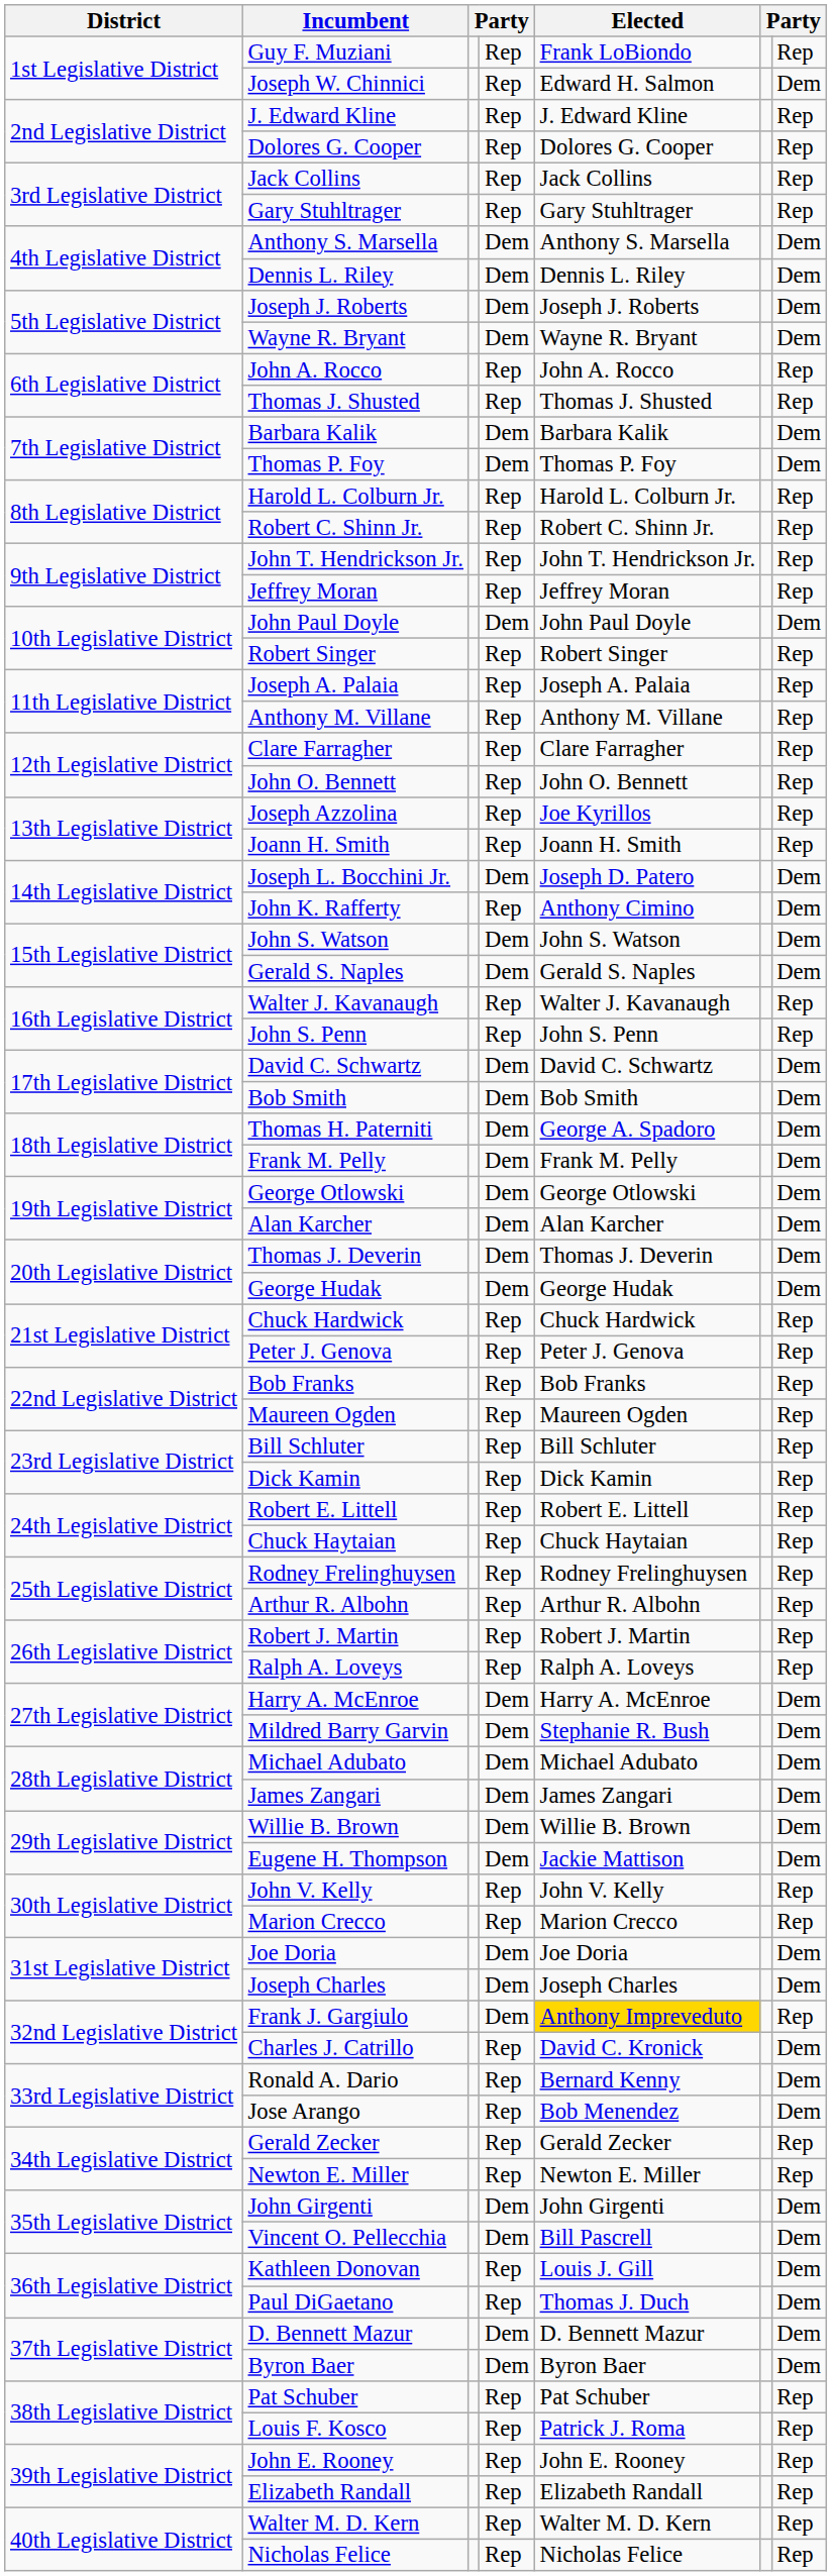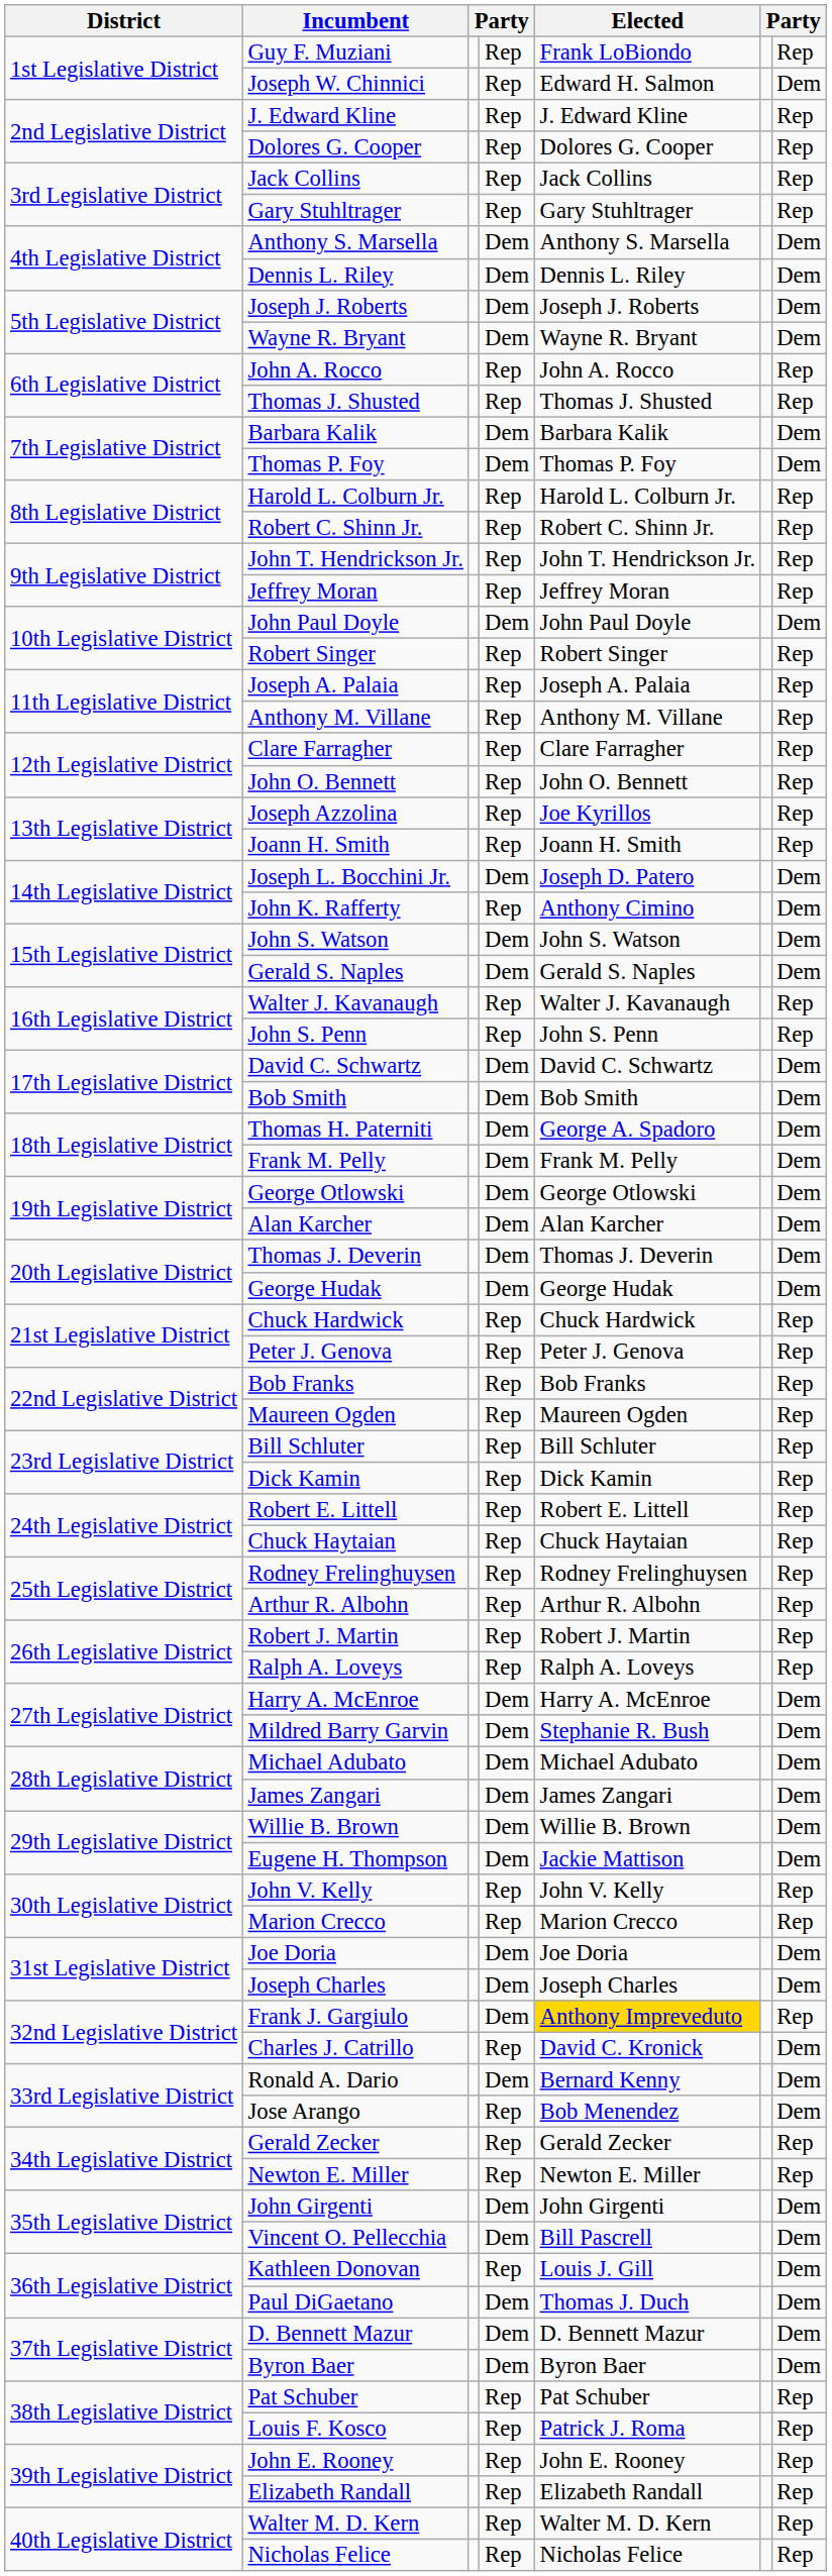 <table class="sortable wikitable" style="font-size:95%;line-height:14px;">
 <tr>
 <th>District</th>
 <th class="unsortable"><a href='#'>Incumbent</a></th>
 <th colspan="2">Party</th>
 <th class="unsortable">Elected</th>
 <th colspan="2">Party</th>
 </tr>
 <tr>
 <td rowspan="2"><a href='#'>1st Legislative District</a></td>
 <td><a href='#'>Guy F. Muziani</a></td>
 <td style="background:"></td>
 <td>Rep</td>
 <td><a href='#'>Frank LoBiondo</a></td>
 <td style="background:"></td>
 <td>Rep</td>
 </tr>
 <tr>
 <td><a href='#'>Joseph W. Chinnici</a></td>
 <td style="background:"></td>
 <td>Rep</td>
 <td>Edward H. Salmon</td>
 <td style="background:"></td>
 <td>Dem</td>
 </tr>
 <tr>
 <td rowspan="2"><a href='#'>2nd Legislative District</a></td>
 <td><a href='#'>J. Edward Kline</a></td>
 <td style="background:"></td>
 <td>Rep</td>
 <td>J. Edward Kline</td>
 <td style="background:"></td>
 <td>Rep</td>
 </tr>
 <tr>
 <td><a href='#'>Dolores G. Cooper</a></td>
 <td style="background:"></td>
 <td>Rep</td>
 <td>Dolores G. Cooper</td>
 <td style="background:"></td>
 <td>Rep</td>
 </tr>
 <tr>
 <td rowspan="2"><a href='#'>3rd Legislative District</a></td>
 <td><a href='#'>Jack Collins</a></td>
 <td style="background:"></td>
 <td>Rep</td>
 <td>Jack Collins</td>
 <td style="background:"></td>
 <td>Rep</td>
 </tr>
 <tr>
 <td><a href='#'>Gary Stuhltrager</a></td>
 <td style="background:"></td>
 <td>Rep</td>
 <td>Gary Stuhltrager</td>
 <td style="background:"></td>
 <td>Rep</td>
 </tr>
 <tr>
 <td rowspan="2"><a href='#'>4th Legislative District</a></td>
 <td><a href='#'>Anthony S. Marsella</a></td>
 <td style="background:"></td>
 <td>Dem</td>
 <td>Anthony S. Marsella</td>
 <td style="background:"></td>
 <td>Dem</td>
 </tr>
 <tr>
 <td><a href='#'>Dennis L. Riley</a></td>
 <td style="background:"></td>
 <td>Dem</td>
 <td>Dennis L. Riley</td>
 <td style="background:"></td>
 <td>Dem</td>
 </tr>
 <tr>
 <td rowspan="2"><a href='#'>5th Legislative District</a></td>
 <td><a href='#'>Joseph J. Roberts</a></td>
 <td style="background:"></td>
 <td>Dem</td>
 <td>Joseph J. Roberts</td>
 <td style="background:"></td>
 <td>Dem</td>
 </tr>
 <tr>
 <td><a href='#'>Wayne R. Bryant</a></td>
 <td style="background:"></td>
 <td>Dem</td>
 <td>Wayne R. Bryant</td>
 <td style="background:"></td>
 <td>Dem</td>
 </tr>
 <tr>
 <td rowspan="2"><a href='#'>6th Legislative District</a></td>
 <td><a href='#'>John A. Rocco</a></td>
 <td style="background:"></td>
 <td>Rep</td>
 <td>John A. Rocco</td>
 <td style="background:"></td>
 <td>Rep</td>
 </tr>
 <tr>
 <td><a href='#'>Thomas J. Shusted</a></td>
 <td style="background:"></td>
 <td>Rep</td>
 <td>Thomas J. Shusted</td>
 <td style="background:"></td>
 <td>Rep</td>
 </tr>
 <tr>
 <td rowspan="2"><a href='#'>7th Legislative District</a></td>
 <td><a href='#'>Barbara Kalik</a></td>
 <td style="background:"></td>
 <td>Dem</td>
 <td>Barbara Kalik</td>
 <td style="background:"></td>
 <td>Dem</td>
 </tr>
 <tr>
 <td><a href='#'>Thomas P. Foy</a></td>
 <td style="background:"></td>
 <td>Dem</td>
 <td>Thomas P. Foy</td>
 <td style="background:"></td>
 <td>Dem</td>
 </tr>
 <tr>
 <td rowspan="2"><a href='#'>8th Legislative District</a></td>
 <td><a href='#'>Harold L. Colburn Jr.</a></td>
 <td style="background:"></td>
 <td>Rep</td>
 <td>Harold L. Colburn Jr.</td>
 <td style="background:"></td>
 <td>Rep</td>
 </tr>
 <tr>
 <td><a href='#'>Robert C. Shinn Jr.</a></td>
 <td style="background:"></td>
 <td>Rep</td>
 <td>Robert C. Shinn Jr.</td>
 <td style="background:"></td>
 <td>Rep</td>
 </tr>
 <tr>
 <td rowspan="2"><a href='#'>9th Legislative District</a></td>
 <td><a href='#'>John T. Hendrickson Jr.</a></td>
 <td style="background:"></td>
 <td>Rep</td>
 <td>John T. Hendrickson Jr.</td>
 <td style="background:"></td>
 <td>Rep</td>
 </tr>
 <tr>
 <td><a href='#'>Jeffrey Moran</a></td>
 <td style="background:"></td>
 <td>Rep</td>
 <td>Jeffrey Moran</td>
 <td style="background:"></td>
 <td>Rep</td>
 </tr>
 <tr>
 <td rowspan="2"><a href='#'>10th Legislative District</a></td>
 <td><a href='#'>John Paul Doyle</a></td>
 <td style="background:"></td>
 <td>Dem</td>
 <td>John Paul Doyle</td>
 <td style="background:"></td>
 <td>Dem</td>
 </tr>
 <tr>
 <td><a href='#'>Robert Singer</a></td>
 <td style="background:"></td>
 <td>Rep</td>
 <td>Robert Singer</td>
 <td style="background:"></td>
 <td>Rep</td>
 </tr>
 <tr>
 <td rowspan="2"><a href='#'>11th Legislative District</a></td>
 <td><a href='#'>Joseph A. Palaia</a></td>
 <td style="background:"></td>
 <td>Rep</td>
 <td>Joseph A. Palaia</td>
 <td style="background:"></td>
 <td>Rep</td>
 </tr>
 <tr>
 <td><a href='#'>Anthony M. Villane</a></td>
 <td style="background:"></td>
 <td>Rep</td>
 <td>Anthony M. Villane</td>
 <td style="background:"></td>
 <td>Rep</td>
 </tr>
 <tr>
 <td rowspan="2"><a href='#'>12th Legislative District</a></td>
 <td><a href='#'>Clare Farragher</a></td>
 <td style="background:"></td>
 <td>Rep</td>
 <td>Clare Farragher</td>
 <td style="background:"></td>
 <td>Rep</td>
 </tr>
 <tr>
 <td><a href='#'>John O. Bennett</a></td>
 <td style="background:"></td>
 <td>Rep</td>
 <td>John O. Bennett</td>
 <td style="background:"></td>
 <td>Rep</td>
 </tr>
 <tr>
 <td rowspan="2"><a href='#'>13th Legislative District</a></td>
 <td><a href='#'>Joseph Azzolina</a></td>
 <td style="background:"></td>
 <td>Rep</td>
 <td><a href='#'>Joe Kyrillos</a></td>
 <td style="background:"></td>
 <td>Rep</td>
 </tr>
 <tr>
 <td><a href='#'>Joann H. Smith</a></td>
 <td style="background:"></td>
 <td>Rep</td>
 <td>Joann H. Smith</td>
 <td style="background:"></td>
 <td>Rep</td>
 </tr>
 <tr>
 <td rowspan="2"><a href='#'>14th Legislative District</a></td>
 <td><a href='#'>Joseph L. Bocchini Jr.</a></td>
 <td style="background:"></td>
 <td>Dem</td>
 <td><a href='#'>Joseph D. Patero</a></td>
 <td style="background:"></td>
 <td>Dem</td>
 </tr>
 <tr>
 <td><a href='#'>John K. Rafferty</a></td>
 <td style="background:"></td>
 <td>Rep</td>
 <td><a href='#'>Anthony Cimino</a></td>
 <td style="background:"></td>
 <td>Dem</td>
 </tr>
 <tr>
 <td rowspan="2"><a href='#'>15th Legislative District</a></td>
 <td><a href='#'>John S. Watson</a></td>
 <td style="background:"></td>
 <td>Dem</td>
 <td>John S. Watson</td>
 <td style="background:"></td>
 <td>Dem</td>
 </tr>
 <tr>
 <td><a href='#'>Gerald S. Naples</a></td>
 <td style="background:"></td>
 <td>Dem</td>
 <td>Gerald S. Naples</td>
 <td style="background:"></td>
 <td>Dem</td>
 </tr>
 <tr>
 <td rowspan="2"><a href='#'>16th Legislative District</a></td>
 <td><a href='#'>Walter J. Kavanaugh</a></td>
 <td style="background:"></td>
 <td>Rep</td>
 <td>Walter J. Kavanaugh</td>
 <td style="background:"></td>
 <td>Rep</td>
 </tr>
 <tr>
 <td><a href='#'>John S. Penn</a></td>
 <td style="background:"></td>
 <td>Rep</td>
 <td>John S. Penn</td>
 <td style="background:"></td>
 <td>Rep</td>
 </tr>
 <tr>
 <td rowspan="2"><a href='#'>17th Legislative District</a></td>
 <td><a href='#'>David C. Schwartz</a></td>
 <td style="background:"></td>
 <td>Dem</td>
 <td>David C. Schwartz</td>
 <td style="background:"></td>
 <td>Dem</td>
 </tr>
 <tr>
 <td><a href='#'>Bob Smith</a></td>
 <td style="background:"></td>
 <td>Dem</td>
 <td>Bob Smith</td>
 <td style="background:"></td>
 <td>Dem</td>
 </tr>
 <tr>
 <td rowspan="2"><a href='#'>18th Legislative District</a></td>
 <td><a href='#'>Thomas H. Paterniti</a></td>
 <td style="background:"></td>
 <td>Dem</td>
 <td><a href='#'>George A. Spadoro</a></td>
 <td style="background:"></td>
 <td>Dem</td>
 </tr>
 <tr>
 <td><a href='#'>Frank M. Pelly</a></td>
 <td style="background:"></td>
 <td>Dem</td>
 <td>Frank M. Pelly</td>
 <td style="background:"></td>
 <td>Dem</td>
 </tr>
 <tr>
 <td rowspan="2"><a href='#'>19th Legislative District</a></td>
 <td><a href='#'>George Otlowski</a></td>
 <td style="background:"></td>
 <td>Dem</td>
 <td>George Otlowski</td>
 <td style="background:"></td>
 <td>Dem</td>
 </tr>
 <tr>
 <td><a href='#'>Alan Karcher</a></td>
 <td style="background:"></td>
 <td>Dem</td>
 <td>Alan Karcher</td>
 <td style="background:"></td>
 <td>Dem</td>
 </tr>
 <tr>
 <td rowspan="2"><a href='#'>20th Legislative District</a></td>
 <td><a href='#'>Thomas J. Deverin</a></td>
 <td style="background:"></td>
 <td>Dem</td>
 <td>Thomas J. Deverin</td>
 <td style="background:"></td>
 <td>Dem</td>
 </tr>
 <tr>
 <td><a href='#'>George Hudak</a></td>
 <td style="background:"></td>
 <td>Dem</td>
 <td>George Hudak</td>
 <td style="background:"></td>
 <td>Dem</td>
 </tr>
 <tr>
 <td rowspan="2"><a href='#'>21st Legislative District</a></td>
 <td><a href='#'>Chuck Hardwick</a></td>
 <td style="background:"></td>
 <td>Rep</td>
 <td>Chuck Hardwick</td>
 <td style="background:"></td>
 <td>Rep</td>
 </tr>
 <tr>
 <td><a href='#'>Peter J. Genova</a></td>
 <td style="background:"></td>
 <td>Rep</td>
 <td>Peter J. Genova</td>
 <td style="background:"></td>
 <td>Rep</td>
 </tr>
 <tr>
 <td rowspan="2"><a href='#'>22nd Legislative District</a></td>
 <td><a href='#'>Bob Franks</a></td>
 <td style="background:"></td>
 <td>Rep</td>
 <td>Bob Franks</td>
 <td style="background:"></td>
 <td>Rep</td>
 </tr>
 <tr>
 <td><a href='#'>Maureen Ogden</a></td>
 <td style="background:"></td>
 <td>Rep</td>
 <td>Maureen Ogden</td>
 <td style="background:"></td>
 <td>Rep</td>
 </tr>
 <tr>
 <td rowspan="2"><a href='#'>23rd Legislative District</a></td>
 <td><a href='#'>Bill Schluter</a></td>
 <td style="background:"></td>
 <td>Rep</td>
 <td>Bill Schluter</td>
 <td style="background:"></td>
 <td>Rep</td>
 </tr>
 <tr>
 <td><a href='#'>Dick Kamin</a></td>
 <td style="background:"></td>
 <td>Rep</td>
 <td>Dick Kamin</td>
 <td style="background:"></td>
 <td>Rep</td>
 </tr>
 <tr>
 <td rowspan="2"><a href='#'>24th Legislative District</a></td>
 <td><a href='#'>Robert E. Littell</a></td>
 <td style="background:"></td>
 <td>Rep</td>
 <td>Robert E. Littell</td>
 <td style="background:"></td>
 <td>Rep</td>
 </tr>
 <tr>
 <td><a href='#'>Chuck Haytaian</a></td>
 <td style="background:"></td>
 <td>Rep</td>
 <td>Chuck Haytaian</td>
 <td style="background:"></td>
 <td>Rep</td>
 </tr>
 <tr>
 <td rowspan="2"><a href='#'>25th Legislative District</a></td>
 <td><a href='#'>Rodney Frelinghuysen</a></td>
 <td style="background:"></td>
 <td>Rep</td>
 <td>Rodney Frelinghuysen</td>
 <td style="background:"></td>
 <td>Rep</td>
 </tr>
 <tr>
 <td><a href='#'>Arthur R. Albohn</a></td>
 <td style="background:"></td>
 <td>Rep</td>
 <td>Arthur R. Albohn</td>
 <td style="background:"></td>
 <td>Rep</td>
 </tr>
 <tr>
 <td rowspan="2"><a href='#'>26th Legislative District</a></td>
 <td><a href='#'>Robert J. Martin</a></td>
 <td style="background:"></td>
 <td>Rep</td>
 <td>Robert J. Martin</td>
 <td style="background:"></td>
 <td>Rep</td>
 </tr>
 <tr>
 <td><a href='#'>Ralph A. Loveys</a></td>
 <td style="background:"></td>
 <td>Rep</td>
 <td>Ralph A. Loveys</td>
 <td style="background:"></td>
 <td>Rep</td>
 </tr>
 <tr>
 <td rowspan="2"><a href='#'>27th Legislative District</a></td>
 <td><a href='#'>Harry A. McEnroe</a></td>
 <td style="background:"></td>
 <td>Dem</td>
 <td>Harry A. McEnroe</td>
 <td style="background:"></td>
 <td>Dem</td>
 </tr>
 <tr>
 <td><a href='#'>Mildred Barry Garvin</a></td>
 <td style="background:"></td>
 <td>Dem</td>
 <td><a href='#'>Stephanie R. Bush</a></td>
 <td style="background:"></td>
 <td>Dem</td>
 </tr>
 <tr>
 <td rowspan="2"><a href='#'>28th Legislative District</a></td>
 <td><a href='#'>Michael Adubato</a></td>
 <td style="background:"></td>
 <td>Dem</td>
 <td>Michael Adubato</td>
 <td style="background:"></td>
 <td>Dem</td>
 </tr>
 <tr>
 <td><a href='#'>James Zangari</a></td>
 <td style="background:"></td>
 <td>Dem</td>
 <td>James Zangari</td>
 <td style="background:"></td>
 <td>Dem</td>
 </tr>
 <tr>
 <td rowspan="2"><a href='#'>29th Legislative District</a></td>
 <td><a href='#'>Willie B. Brown</a></td>
 <td style="background:"></td>
 <td>Dem</td>
 <td>Willie B. Brown</td>
 <td style="background:"></td>
 <td>Dem</td>
 </tr>
 <tr>
 <td><a href='#'>Eugene H. Thompson</a></td>
 <td style="background:"></td>
 <td>Dem</td>
 <td><a href='#'>Jackie Mattison</a></td>
 <td style="background:"></td>
 <td>Dem</td>
 </tr>
 <tr>
 <td rowspan="2"><a href='#'>30th Legislative District</a></td>
 <td><a href='#'>John V. Kelly</a></td>
 <td style="background:"></td>
 <td>Rep</td>
 <td>John V. Kelly</td>
 <td style="background:"></td>
 <td>Rep</td>
 </tr>
 <tr>
 <td><a href='#'>Marion Crecco</a></td>
 <td style="background:"></td>
 <td>Rep</td>
 <td>Marion Crecco</td>
 <td style="background:"></td>
 <td>Rep</td>
 </tr>
 <tr>
 <td rowspan="2"><a href='#'>31st Legislative District</a></td>
 <td><a href='#'>Joe Doria</a></td>
 <td style="background:"></td>
 <td>Dem</td>
 <td>Joe Doria</td>
 <td style="background:"></td>
 <td>Dem</td>
 </tr>
 <tr>
 <td><a href='#'>Joseph Charles</a></td>
 <td style="background:"></td>
 <td>Dem</td>
 <td>Joseph Charles</td>
 <td style="background:"></td>
 <td>Dem</td>
 </tr>
 <tr>
 <td rowspan="2"><a href='#'>32nd Legislative District</a></td>
 <td><a href='#'>Frank J. Gargiulo</a></td>
 <td style="background:"></td>
 <td>Dem</td>
 <td style="background: gold;"><a href='#'>Anthony Impreveduto</a></td>
 <td style="background:"></td>
 <td>Rep</td>
 </tr>
 <tr>
 <td><a href='#'>Charles J. Catrillo</a></td>
 <td style="background:"></td>
 <td>Rep</td>
 <td><a href='#'>David C. Kronick</a></td>
 <td style="background:"></td>
 <td>Dem</td>
 </tr>
 <tr>
 <td rowspan="2"><a href='#'>33rd Legislative District</a></td>
 <td>Ronald A. Dario</td>
 <td style="background:"></td>
-<td>Rep</td>
+<td>Dem</td>
 <td><a href='#'>Bernard Kenny</a></td>
 <td style="background:"></td>
 <td>Dem</td>
 </tr>
 <tr>
 <td>Jose Arango</td>
 <td style="background:"></td>
 <td>Rep</td>
 <td><a href='#'>Bob Menendez</a></td>
 <td style="background:"></td>
 <td>Dem</td>
 </tr>
 <tr>
 <td rowspan="2"><a href='#'>34th Legislative District</a></td>
 <td><a href='#'>Gerald Zecker</a></td>
 <td style="background:"></td>
 <td>Rep</td>
 <td>Gerald Zecker</td>
 <td style="background:"></td>
 <td>Rep</td>
 </tr>
 <tr>
 <td><a href='#'>Newton E. Miller</a></td>
 <td style="background:"></td>
 <td>Rep</td>
 <td>Newton E. Miller</td>
 <td style="background:"></td>
 <td>Rep</td>
 </tr>
 <tr>
 <td rowspan="2"><a href='#'>35th Legislative District</a></td>
 <td><a href='#'>John Girgenti</a></td>
 <td style="background:"></td>
 <td>Dem</td>
 <td>John Girgenti</td>
 <td style="background:"></td>
 <td>Dem</td>
 </tr>
 <tr>
 <td><a href='#'>Vincent O. Pellecchia</a></td>
 <td style="background:"></td>
 <td>Dem</td>
 <td><a href='#'>Bill Pascrell</a></td>
 <td style="background:"></td>
 <td>Dem</td>
 </tr>
 <tr>
 <td rowspan="2"><a href='#'>36th Legislative District</a></td>
 <td><a href='#'>Kathleen Donovan</a></td>
 <td style="background:"></td>
 <td>Rep</td>
 <td><a href='#'>Louis J. Gill</a></td>
 <td style="background:"></td>
 <td>Dem</td>
 </tr>
 <tr>
 <td><a href='#'>Paul DiGaetano</a></td>
 <td style="background:"></td>
-<td>Rep</td>
+<td>Dem</td>
 <td><a href='#'>Thomas J. Duch</a></td>
 <td style="background:"></td>
 <td>Dem</td>
 </tr>
 <tr>
 <td rowspan="2"><a href='#'>37th Legislative District</a></td>
 <td><a href='#'>D. Bennett Mazur</a></td>
 <td style="background:"></td>
 <td>Dem</td>
 <td>D. Bennett Mazur</td>
 <td style="background:"></td>
 <td>Dem</td>
 </tr>
 <tr>
 <td><a href='#'>Byron Baer</a></td>
 <td style="background:"></td>
 <td>Dem</td>
 <td>Byron Baer</td>
 <td style="background:"></td>
 <td>Dem</td>
 </tr>
 <tr>
 <td rowspan="2"><a href='#'>38th Legislative District</a></td>
 <td><a href='#'>Pat Schuber</a></td>
 <td style="background:"></td>
 <td>Rep</td>
 <td>Pat Schuber</td>
 <td style="background:"></td>
 <td>Rep</td>
 </tr>
 <tr>
 <td><a href='#'>Louis F. Kosco</a></td>
 <td style="background:"></td>
 <td>Rep</td>
 <td><a href='#'>Patrick J. Roma</a></td>
 <td style="background:"></td>
 <td>Rep</td>
 </tr>
 <tr>
 <td rowspan="2"><a href='#'>39th Legislative District</a></td>
 <td><a href='#'>John E. Rooney</a></td>
 <td style="background:"></td>
 <td>Rep</td>
 <td>John E. Rooney</td>
 <td style="background:"></td>
 <td>Rep</td>
 </tr>
 <tr>
 <td><a href='#'>Elizabeth Randall</a></td>
 <td style="background:"></td>
 <td>Rep</td>
 <td>Elizabeth Randall</td>
 <td style="background:"></td>
 <td>Rep</td>
 </tr>
 <tr>
 <td rowspan="2"><a href='#'>40th Legislative District</a></td>
 <td><a href='#'>Walter M. D. Kern</a></td>
 <td style="background:"></td>
 <td>Rep</td>
 <td>Walter M. D. Kern</td>
 <td style="background:"></td>
 <td>Rep</td>
 </tr>
 <tr>
 <td><a href='#'>Nicholas Felice</a></td>
 <td style="background:"></td>
 <td>Rep</td>
 <td>Nicholas Felice</td>
 <td style="background:"></td>
 <td>Rep</td>
 </tr>
 </table>
